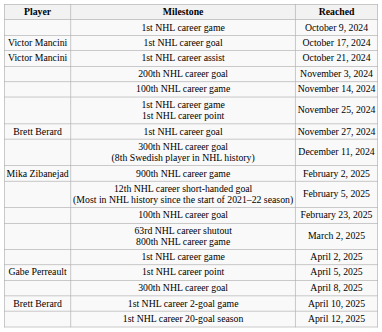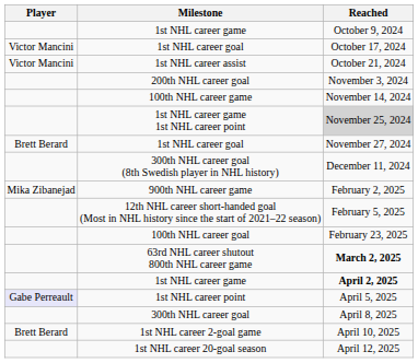 <table class="wikitable sortable" style="text-align:center;">
 <tr>
 <th>Player</th>
 <th>Milestone</th>
 <th>Reached</th>
 </tr>
 <tr>
 <td></td>
 <td>1st NHL career game</td>
 <td>October 9, 2024</td>
 </tr>
 <tr>
 <td>Victor Mancini</td>
 <td>1st NHL career goal</td>
 <td>October 17, 2024</td>
 </tr>
 <tr>
 <td>Victor Mancini</td>
 <td>1st NHL career assist</td>
 <td>October 21, 2024</td>
 </tr>
 <tr>
 <td></td>
 <td>200th NHL career goal</td>
 <td>November 3, 2024</td>
 </tr>
 <tr>
 <td></td>
 <td>100th NHL career game</td>
 <td>November 14, 2024</td>
 </tr>
 <tr>
 <td></td>
 <td>1st NHL career game<br>1st NHL  career point</td>
-<td>November 25, 2024</td>
+<td style="background: lightgrey;">November 25, 2024</td>
 </tr>
 <tr>
 <td>Brett Berard</td>
 <td>1st NHL career goal</td>
 <td>November 27, 2024</td>
 </tr>
 <tr>
 <td></td>
 <td>300th NHL career goal<br>(8th Swedish player in NHL history)</td>
 <td>December 11, 2024</td>
 </tr>
 <tr>
 <td>Mika Zibanejad</td>
 <td>900th NHL career game</td>
 <td>February 2, 2025</td>
 </tr>
 <tr>
 <td></td>
 <td>12th NHL career short-handed goal<br>(Most in NHL history since the start of 2021–22 season)</td>
 <td>February 5, 2025</td>
 </tr>
 <tr>
 <td></td>
 <td>100th NHL career goal</td>
 <td>February 23, 2025</td>
 </tr>
 <tr>
 <td></td>
 <td>63rd NHL career shutout<br>800th NHL career game</td>
-<td>March 2, 2025</td>
+<td><strong>March 2, 2025</strong></td>
 </tr>
 <tr>
 <td></td>
 <td>1st NHL career game</td>
-<td>April 2, 2025</td>
+<td><strong>April 2, 2025</strong></td>
 </tr>
 <tr>
-<td>Gabe Perreault</td>
+<td style="background: lavender;">Gabe Perreault</td>
 <td>1st NHL career point</td>
 <td>April 5, 2025</td>
 </tr>
 <tr>
 <td></td>
 <td>300th NHL career goal</td>
 <td>April 8, 2025</td>
 </tr>
 <tr>
 <td>Brett Berard</td>
 <td>1st NHL career 2-goal game</td>
 <td>April 10, 2025</td>
 </tr>
 <tr>
 <td></td>
 <td>1st NHL career 20-goal season</td>
 <td>April 12, 2025</td>
 </tr>
 </table>
